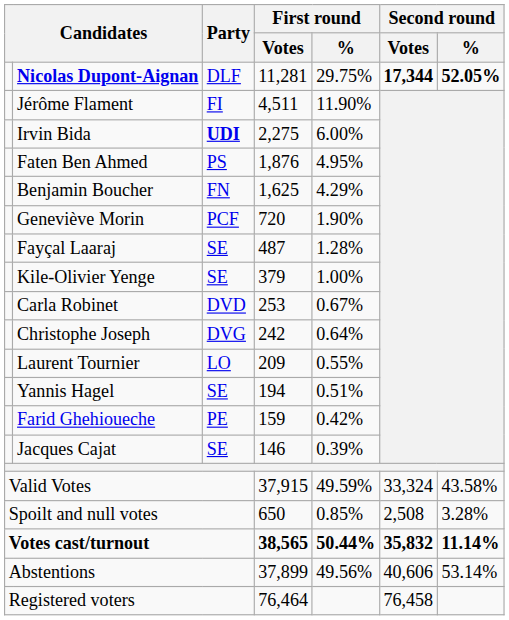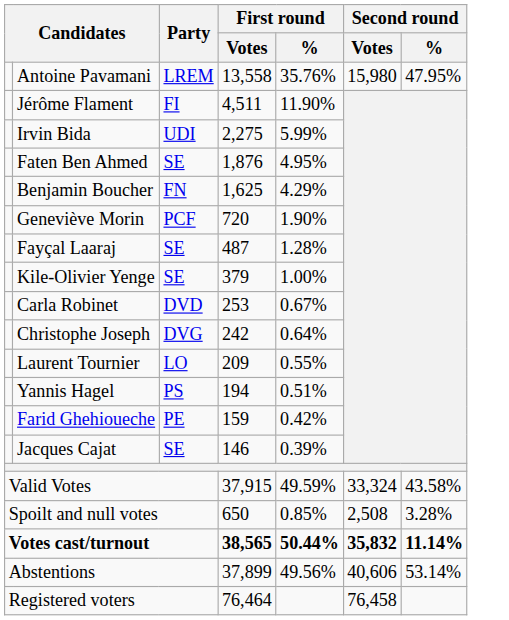 <table class="wikitable">
 <tr>
 <th colspan="2" rowspan="2">Candidates</th>
 <th rowspan="2">Party</th>
 <th colspan="2">First round</th>
 <th colspan="2">Second round</th>
 </tr>
 <tr>
 <th>Votes</th>
 <th>%</th>
 <th>Votes</th>
 <th>%</th>
 </tr>
 <tr>
 <td style="color:inherit;background-color:"></td>
-<td><strong><a href='#'>Nicolas Dupont-Aignan</a></strong></td>
-<td><a href='#'>DLF</a></td>
-<td>11,281</td>
-<td>29.75%</td>
-<td><strong>17,344</strong></td>
-<td><strong>52.05%</strong></td>
+<td>Antoine Pavamani</td>
+<td><a href='#'>LREM</a></td>
+<td>13,558</td>
+<td>35.76%</td>
+<td>15,980</td>
+<td>47.95%</td>
 </tr>
 <tr>
 <td style="color:inherit;background-color:"></td>
 <td>Jérôme Flament</td>
 <td><a href='#'>FI</a></td>
 <td>4,511</td>
 <td>11.90%</td>
 <th colspan="2" rowspan="13"></th>
 </tr>
 <tr>
 <td style="color:inherit;background-color:"></td>
 <td>Irvin Bida</td>
-<td><strong><a href='#'>UDI</a></strong></td>
+<td><a href='#'>UDI</a></td>
 <td>2,275</td>
-<td>6.00%</td>
+<td>5.99%</td>
 </tr>
 <tr>
 <td style="color:inherit;background-color:"></td>
 <td>Faten Ben Ahmed</td>
-<td><a href='#'>PS</a></td>
+<td><a href='#'>SE</a></td>
 <td>1,876</td>
 <td>4.95%</td>
 </tr>
 <tr>
 <td style="color:inherit;background-color:"></td>
 <td>Benjamin Boucher</td>
 <td><a href='#'>FN</a></td>
 <td>1,625</td>
 <td>4.29%</td>
 </tr>
 <tr>
 <td style="color:inherit;background-color:"></td>
 <td>Geneviève Morin</td>
 <td><a href='#'>PCF</a></td>
 <td>720</td>
 <td>1.90%</td>
 </tr>
 <tr>
 <td style="color:inherit;background-color:"></td>
 <td>Fayçal Laaraj</td>
 <td><a href='#'>SE</a></td>
 <td>487</td>
 <td>1.28%</td>
 </tr>
 <tr>
 <td style="color:inherit;background-color:"></td>
 <td>Kile-Olivier Yenge</td>
 <td><a href='#'>SE</a></td>
 <td>379</td>
 <td>1.00%</td>
 </tr>
 <tr>
 <td style="color:inherit;background-color:"></td>
 <td>Carla Robinet</td>
 <td><a href='#'>DVD</a></td>
 <td>253</td>
 <td>0.67%</td>
 </tr>
 <tr>
 <td style="color:inherit;background-color:"></td>
 <td>Christophe Joseph</td>
 <td><a href='#'>DVG</a></td>
 <td>242</td>
 <td>0.64%</td>
 </tr>
 <tr>
 <td style="color:inherit;background-color:"></td>
 <td>Laurent Tournier</td>
 <td><a href='#'>LO</a></td>
 <td>209</td>
 <td>0.55%</td>
 </tr>
 <tr>
 <td style="color:inherit;background-color:"></td>
 <td>Yannis Hagel</td>
-<td><a href='#'>SE</a></td>
+<td><a href='#'>PS</a></td>
 <td>194</td>
 <td>0.51%</td>
 </tr>
 <tr>
 <td style="color:inherit;background-color:"></td>
 <td><a href='#'>Farid Ghehioueche</a></td>
 <td><a href='#'>PE</a></td>
 <td>159</td>
 <td>0.42%</td>
 </tr>
 <tr>
 <td style="color:inherit;background-color:"></td>
 <td>Jacques Cajat</td>
 <td><a href='#'>SE</a></td>
 <td>146</td>
 <td>0.39%</td>
 </tr>
 <tr>
 <th colspan="7"></th>
 </tr>
 <tr>
 <td colspan="3">Valid Votes</td>
 <td>37,915</td>
 <td>49.59%</td>
 <td>33,324</td>
 <td>43.58%</td>
 </tr>
 <tr>
 <td colspan="3">Spoilt and null votes</td>
 <td>650</td>
 <td>0.85%</td>
 <td>2,508</td>
 <td>3.28%</td>
 </tr>
 <tr>
 <td colspan="3"><strong>Votes cast/turnout</strong></td>
 <td><strong>38,565</strong></td>
 <td><strong>50.44%</strong></td>
 <td><strong>35,832</strong></td>
 <td><strong>11.14%</strong></td>
 </tr>
 <tr>
 <td colspan="3">Abstentions</td>
 <td>37,899</td>
 <td>49.56%</td>
 <td>40,606</td>
 <td>53.14%</td>
 </tr>
 <tr>
 <td colspan="3">Registered voters</td>
 <td>76,464</td>
 <td></td>
 <td>76,458</td>
 <td></td>
 </tr>
 </table>
